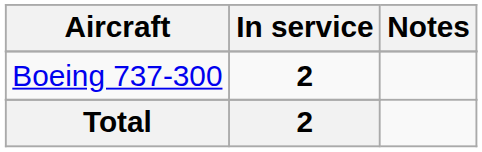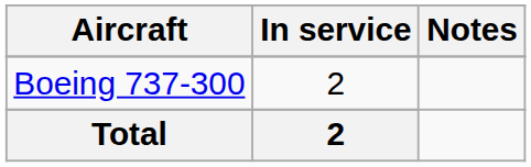 <table class="wikitable" style="margin:0.5em auto">
 <tr>
 <th>Aircraft</th>
 <th>In service</th>
 <th>Notes</th>
 </tr>
 <tr>
 </tr>
 <tr>
 <td><a href='#'>Boeing 737-300</a></td>
-<td align="center"><strong>2</strong></td>
+<td align="center">2</td>
 <td></td>
 </tr>
 <tr>
 </tr>
 <tr>
 <th>Total</th>
 <th>2</th>
 </tr>
 </table>
